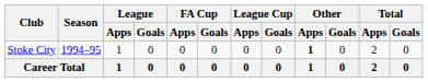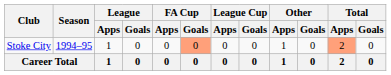 <table class="wikitable" style="text-align: center;">
 <tr>
 <th rowspan="2">Club</th>
 <th rowspan="2">Season</th>
 <th colspan="2">League</th>
 <th colspan="2">FA Cup</th>
 <th colspan="2">League Cup</th>
 <th colspan="2">Other</th>
 <th colspan="2">Total</th>
 </tr>
 <tr>
 <th>Apps</th>
 <th>Goals</th>
 <th>Apps</th>
 <th>Goals</th>
 <th>Apps</th>
 <th>Goals</th>
 <th>Apps</th>
 <th>Goals</th>
 <th>Apps</th>
 <th>Goals</th>
 </tr>
 <tr>
 <td><a href='#'>Stoke City</a></td>
 <td><a href='#'>1994–95</a></td>
 <td>1</td>
 <td>0</td>
 <td>0</td>
+<td style="background: lightsalmon;">0</td>
 <td>0</td>
 <td>0</td>
+<td>1</td>
 <td>0</td>
-<td><strong>1</strong></td>
-<td>0</td>
-<td>2</td>
+<td style="background: lightsalmon;">2</td>
 <td>0</td>
 </tr>
 <tr>
 <th colspan="2">Career Total</th>
 <th>1</th>
 <th>0</th>
 <th>0</th>
 <th>0</th>
 <th>0</th>
 <th>0</th>
 <th>1</th>
 <th>0</th>
 <th>2</th>
 <th>0</th>
 </tr>
 </table>
